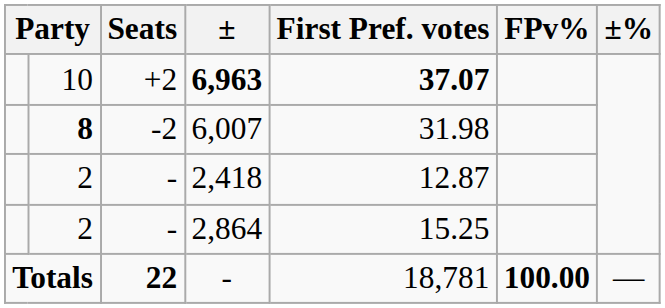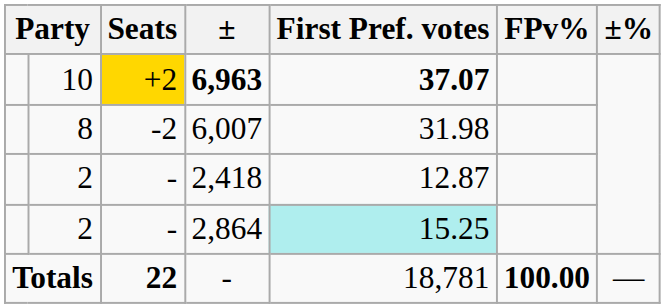 <table class=wikitable>
 <tr>
 <th colspan=2 align=center>Party</th>
 <th valign=top>Seats</th>
 <th valign=top>±</th>
 <th valign=top>First Pref. votes</th>
 <th valign=top>FPv%</th>
 <th valign=top>±%</th>
 </tr>
 <tr>
 <td></td>
 <td align=right>10</td>
-<td align=right>+2</td>
+<td align=right style="background: gold;">+2</td>
 <td align=right><strong>6,963</strong></td>
 <td align=right><strong>37.07</strong></td>
 <td align=right></td>
 </tr>
 <tr>
 <td></td>
-<td align=right><strong>8</strong></td>
+<td align=right>8</td>
 <td align=right>-2</td>
 <td align=right>6,007</td>
 <td align=right>31.98</td>
 <td align=right></td>
 </tr>
 <tr>
 <td></td>
 <td align=right>2</td>
 <td align=right>-</td>
 <td align=right>2,418</td>
 <td align=right>12.87</td>
 <td align=right></td>
 </tr>
 <tr>
 <td></td>
 <td align=right>2</td>
 <td align=right>-</td>
 <td align=right>2,864</td>
-<td align=right>15.25</td>
+<td align=right style="background: paleturquoise;">15.25</td>
 <td align=right></td>
 </tr>
 <tr>
 <td colspan=2 align=center><strong>Totals</strong></td>
 <td align=right><strong>22</strong></td>
 <td align=center>-</td>
 <td align=right>18,781</td>
 <td align=center><strong>100.00</strong></td>
 <td align=center>—</td>
 </tr>
 </table>
